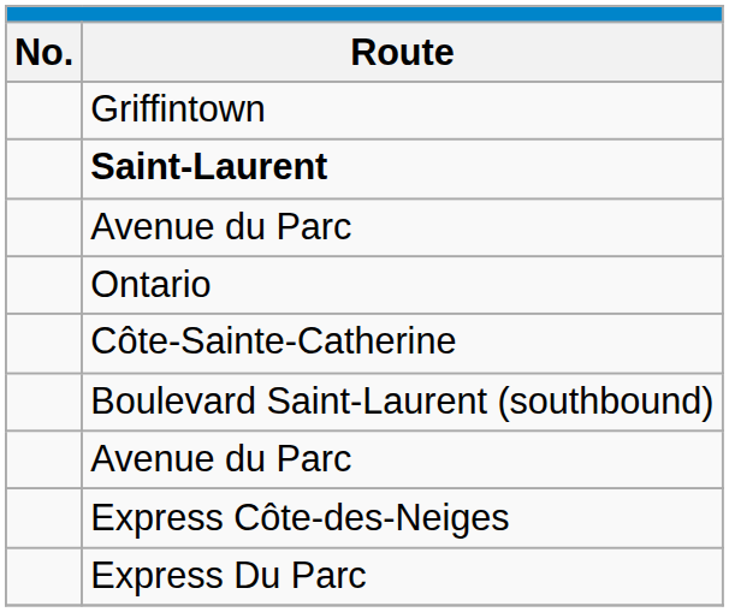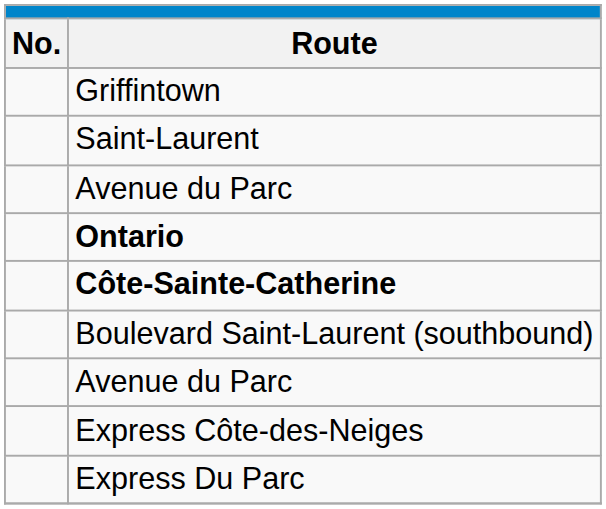 <table align=center class="wikitable">
 <tr>
 <th style="background: #0085CA; font-size:100%; color:#FFFFFF;"colspan="4"><a href='#'></a></th>
 </tr>
 <tr>
 <th>No.</th>
 <th>Route</th>
 </tr>
 <tr>
 <td></td>
 <td>Griffintown</td>
 </tr>
 <tr>
 <td {{Avoid wrap> </td>
-<td><strong>Saint-Laurent</strong></td>
+<td>Saint-Laurent</td>
 </tr>
 <tr>
 <td {{Avoid wrap> </td>
 <td>Avenue du Parc</td>
 </tr>
 <tr>
 <td></td>
-<td>Ontario</td>
+<td><strong>Ontario</strong></td>
 </tr>
 <tr>
 <td></td>
-<td>Côte-Sainte-Catherine</td>
+<td><strong>Côte-Sainte-Catherine</strong></td>
 </tr>
 <tr>
 <td {{Avoid wrap> </td>
 <td>Boulevard Saint-Laurent (southbound)</td>
 </tr>
 <tr>
 <td {{Avoid wrap> </td>
 <td>Avenue du Parc</td>
 </tr>
 <tr>
 <td></td>
 <td>Express Côte-des-Neiges</td>
 </tr>
 <tr>
 <td></td>
 <td>Express Du Parc</td>
 </tr>
 <tr>
 </tr>
 </table>
